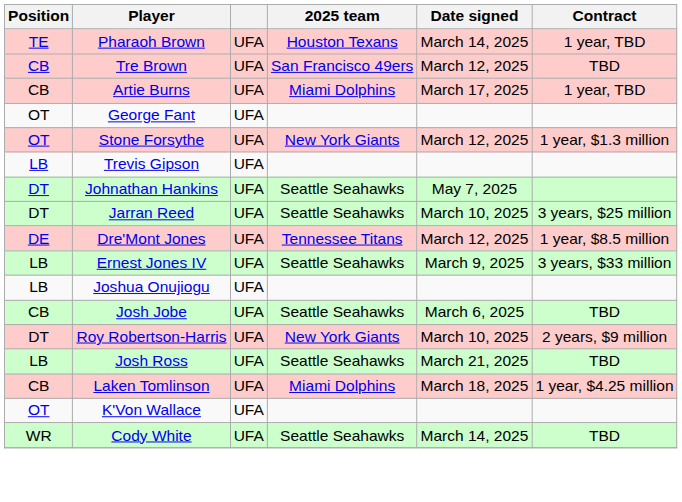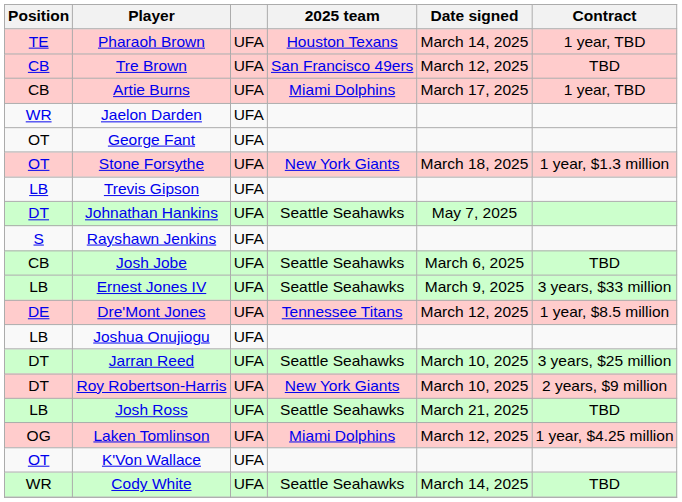 <table class="wikitable" style="text-align:center">
 <tr>
 <th>Position</th>
 <th>Player</th>
 <th></th>
 <th>2025 team</th>
 <th>Date signed</th>
 <th>Contract</th>
 </tr>
 <tr style="background:#fcc;">
 <td><a href='#'>TE</a></td>
 <td><a href='#'>Pharaoh Brown</a></td>
 <td>UFA</td>
 <td><a href='#'>Houston Texans</a></td>
 <td>March 14, 2025</td>
 <td>1 year, TBD</td>
 </tr>
 <tr style="background:#fcc;">
 <td><a href='#'>CB</a></td>
 <td><a href='#'>Tre Brown</a></td>
 <td>UFA</td>
 <td><a href='#'>San Francisco 49ers</a></td>
 <td>March 12, 2025</td>
 <td>TBD</td>
 </tr>
 <tr style="background:#fcc;">
 <td>CB</td>
 <td><a href='#'>Artie Burns</a></td>
 <td>UFA</td>
 <td><a href='#'>Miami Dolphins</a></td>
 <td>March 17, 2025</td>
 <td>1 year, TBD</td>
 </tr>
 <tr>
+<td><a href='#'>WR</a></td>
+<td><a href='#'>Jaelon Darden</a></td>
+<td>UFA</td>
+<td></td>
+<td></td>
+<td></td>
+</tr>
+<tr>
 <td>OT</td>
 <td><a href='#'>George Fant</a></td>
 <td>UFA</td>
 <td></td>
 <td></td>
 <td></td>
 </tr>
 <tr style="background:#fcc;">
 <td><a href='#'>OT</a></td>
 <td><a href='#'>Stone Forsythe</a></td>
 <td>UFA</td>
 <td><a href='#'>New York Giants</a></td>
-<td>March 12, 2025</td>
+<td>March 18, 2025</td>
 <td>1 year, $1.3 million</td>
 </tr>
 <tr>
 <td><a href='#'>LB</a></td>
 <td><a href='#'>Trevis Gipson</a></td>
 <td>UFA</td>
 <td></td>
 <td></td>
 <td></td>
 </tr>
 <tr style="background:#cfc;">
 <td><a href='#'>DT</a></td>
 <td><a href='#'>Johnathan Hankins</a></td>
 <td>UFA</td>
 <td>Seattle Seahawks</td>
 <td>May 7, 2025</td>
 <td></td>
 </tr>
-<tr style="background:#cfc;">
-<td>DT</td>
-<td><a href='#'>Jarran Reed</a></td>
-<td>UFA</td>
-<td>Seattle Seahawks</td>
-<td>March 10, 2025</td>
-<td>3 years, $25 million</td>
-</tr>
-<tr style="background:#fcc;">
-<td><a href='#'>DE</a></td>
-<td><a href='#'>Dre'Mont Jones</a></td>
-<td>UFA</td>
-<td><a href='#'>Tennessee Titans</a></td>
-<td>March 12, 2025</td>
-<td>1 year, $8.5 million</td>
-</tr>
-<tr style="background:#cfc;">
-<td>LB</td>
-<td><a href='#'>Ernest Jones IV</a></td>
-<td>UFA</td>
-<td>Seattle Seahawks</td>
-<td>March 9, 2025</td>
-<td>3 years, $33 million</td>
-</tr>
 <tr>
-<td>LB</td>
-<td><a href='#'>Joshua Onujiogu</a></td>
+<td><a href='#'>S</a></td>
+<td><a href='#'>Rayshawn Jenkins</a></td>
 <td>UFA</td>
 <td></td>
 <td></td>
 <td></td>
 </tr>
 <tr style="background:#cfc;">
 <td>CB</td>
 <td><a href='#'>Josh Jobe</a></td>
 <td>UFA</td>
 <td>Seattle Seahawks</td>
 <td>March 6, 2025</td>
 <td>TBD</td>
+</tr>
+<tr style="background:#cfc;">
+<td>LB</td>
+<td><a href='#'>Ernest Jones IV</a></td>
+<td>UFA</td>
+<td>Seattle Seahawks</td>
+<td>March 9, 2025</td>
+<td>3 years, $33 million</td>
+</tr>
+<tr style="background:#fcc;">
+<td><a href='#'>DE</a></td>
+<td><a href='#'>Dre'Mont Jones</a></td>
+<td>UFA</td>
+<td><a href='#'>Tennessee Titans</a></td>
+<td>March 12, 2025</td>
+<td>1 year, $8.5 million</td>
+</tr>
+<tr>
+<td>LB</td>
+<td><a href='#'>Joshua Onujiogu</a></td>
+<td>UFA</td>
+<td></td>
+<td></td>
+<td></td>
+</tr>
+<tr style="background:#cfc;">
+<td>DT</td>
+<td><a href='#'>Jarran Reed</a></td>
+<td>UFA</td>
+<td>Seattle Seahawks</td>
+<td>March 10, 2025</td>
+<td>3 years, $25 million</td>
 </tr>
 <tr style="background:#fcc;">
 <td>DT</td>
 <td><a href='#'>Roy Robertson-Harris</a></td>
 <td>UFA</td>
 <td><a href='#'>New York Giants</a></td>
 <td>March 10, 2025</td>
 <td>2 years, $9 million</td>
 </tr>
 <tr style="background:#cfc;">
 <td>LB</td>
 <td><a href='#'>Josh Ross</a></td>
 <td>UFA</td>
 <td>Seattle Seahawks</td>
 <td>March 21, 2025</td>
 <td>TBD</td>
 </tr>
 <tr style="background:#fcc;">
-<td>CB</td>
+<td>OG</td>
 <td><a href='#'>Laken Tomlinson</a></td>
 <td>UFA</td>
 <td><a href='#'>Miami Dolphins</a></td>
-<td>March 18, 2025</td>
+<td>March 12, 2025</td>
 <td>1 year, $4.25 million</td>
 </tr>
 <tr>
 <td><a href='#'>OT</a></td>
 <td><a href='#'>K'Von Wallace</a></td>
 <td>UFA</td>
 <td></td>
 <td></td>
 <td></td>
 </tr>
 <tr style="background:#cfc;">
 <td>WR</td>
 <td><a href='#'>Cody White</a></td>
 <td>UFA</td>
 <td>Seattle Seahawks</td>
 <td>March 14, 2025</td>
 <td>TBD</td>
 </tr>
 <tr>
 </tr>
 </table>
